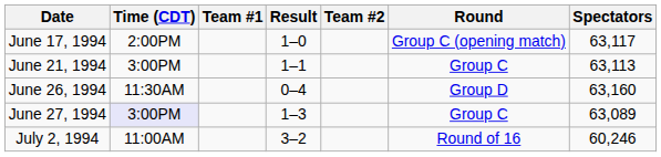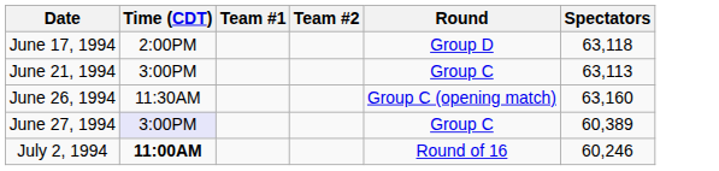 <table class="wikitable" style="text-align:center">
 <tr>
 <th style="text-align:center;">Date</th>
 <th style="text-align:center;">Time (<a href='#'>CDT</a>)</th>
 <th style="text-align:center;">Team #1</th>
-<th style="text-align:center;">Result</th>
 <th style="text-align:center;">Team #2</th>
 <th style="text-align:center;">Round</th>
 <th style="text-align:center;">Spectators</th>
 </tr>
 <tr>
 <td>June 17, 1994</td>
 <td>2:00PM</td>
 <td><strong></strong></td>
-<td style="text-align:center;">1–0</td>
 <td></td>
-<td><a href='#'>Group C (opening match)</a></td>
-<td style="text-align:center;">63,117</td>
+<td><a href='#'>Group D</a></td>
+<td style="text-align:center;">63,118</td>
 </tr>
 <tr>
 <td>June 21, 1994</td>
 <td>3:00PM</td>
 <td></td>
-<td style="text-align:center;">1–1</td>
 <td></td>
 <td><a href='#'>Group C</a></td>
 <td style="text-align:center;">63,113</td>
 </tr>
 <tr>
 <td>June 26, 1994</td>
 <td>11:30AM</td>
 <td></td>
-<td style="text-align:center;">0–4</td>
 <td><strong></strong></td>
-<td><a href='#'>Group D</a></td>
+<td><a href='#'>Group C (opening match)</a></td>
 <td style="text-align:center;">63,160</td>
 </tr>
 <tr>
 <td>June 27, 1994</td>
 <td style="background: lavender;">3:00PM</td>
 <td></td>
-<td style="text-align:center;">1–3</td>
 <td><strong></strong></td>
 <td><a href='#'>Group C</a></td>
-<td style="text-align:center;">63,089</td>
+<td style="text-align:center;">60,389</td>
 </tr>
 <tr>
 <td>July 2, 1994</td>
-<td>11:00AM</td>
+<td><strong>11:00AM</strong></td>
 <td><strong></strong></td>
-<td style="text-align:center;">3–2</td>
 <td></td>
 <td><a href='#'>Round of 16</a></td>
 <td style="text-align:center;">60,246</td>
 </tr>
 </table>
